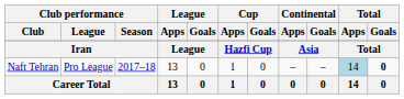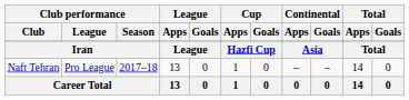 <table class="wikitable" style="font-size:90%; text-align:center;">
 <tr>
 <th colspan=3>Club performance</th>
 <th colspan=2>League</th>
 <th colspan=2>Cup</th>
 <th colspan=2>Continental</th>
 <th colspan=2>Total</th>
 </tr>
 <tr>
 <th>Club</th>
 <th>League</th>
 <th>Season</th>
 <th>Apps</th>
 <th>Goals</th>
 <th>Apps</th>
 <th>Goals</th>
 <th>Apps</th>
 <th>Goals</th>
 <th>Apps</th>
 <th>Goals</th>
 </tr>
 <tr>
 </tr>
 <tr>
 <th colspan=3>Iran</th>
 <th colspan=2>League</th>
 <th colspan=2><a href='#'>Hazfi Cup</a></th>
 <th colspan=2><a href='#'>Asia</a></th>
 <th colspan=2>Total</th>
 </tr>
 <tr>
 <td rowspan="1"><a href='#'>Naft Tehran</a></td>
 <td rowspan="1"><a href='#'>Pro League</a></td>
 <td><a href='#'>2017–18</a></td>
 <td>13</td>
 <td>0</td>
 <td>1</td>
 <td>0</td>
 <td>–</td>
 <td>–</td>
-<td style="background: lightblue;">14</td>
-<td><strong>0</strong></td>
+<td>14</td>
+<td>0</td>
 </tr>
 <tr>
 <th colspan=3>Career Total</th>
 <th>13</th>
 <th>0</th>
 <th>1</th>
 <th>0</th>
 <th>0</th>
 <th>0</th>
 <th>14</th>
 <th>0</th>
 </tr>
 </table>
